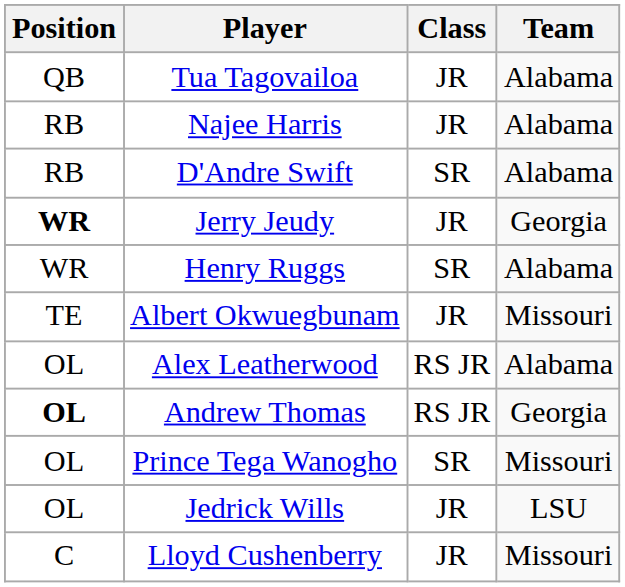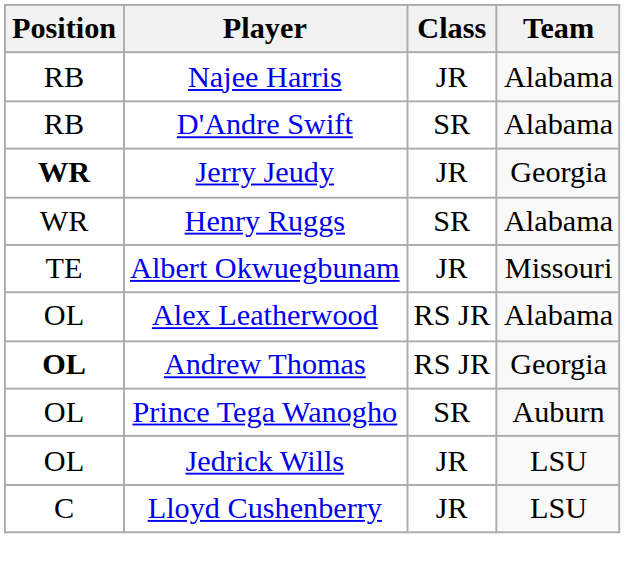 <table class="wikitable sortable">
 <tr>
 <th>Position</th>
 <th>Player</th>
 <th>Class</th>
 <th>Team</th>
-</tr>
-<tr style="text-align:center;">
-<td style="background:white">QB</td>
-<td style="background:white"><a href='#'>Tua Tagovailoa</a></td>
-<td style="background:white">JR</td>
-<td>Alabama</td>
 </tr>
 <tr style="text-align:center;">
 <td style="background:white">RB</td>
 <td style="background:white"><a href='#'>Najee Harris</a></td>
 <td style="background:white">JR</td>
 <td>Alabama</td>
 </tr>
 <tr style="text-align:center;">
 <td style="background:white">RB</td>
 <td style="background:white"><a href='#'>D'Andre Swift</a></td>
 <td style="background:white">SR</td>
 <td>Alabama</td>
 </tr>
 <tr style="text-align:center;">
 <td style="background:white"><strong>WR</strong></td>
 <td style="background:white"><a href='#'>Jerry Jeudy</a></td>
 <td style="background:white">JR</td>
 <td>Georgia</td>
 </tr>
 <tr style="text-align:center;">
 <td style="background:white">WR</td>
 <td style="background:white"><a href='#'>Henry Ruggs</a></td>
 <td style="background:white">SR</td>
 <td>Alabama</td>
 </tr>
 <tr style="text-align:center;">
 <td style="background:white">TE</td>
 <td style="background:white"><a href='#'>Albert Okwuegbunam</a></td>
 <td style="background:white">JR</td>
 <td>Missouri</td>
 </tr>
 <tr style="text-align:center;">
 <td style="background:white">OL</td>
 <td style="background:white"><a href='#'>Alex Leatherwood</a></td>
 <td style="background:white">RS JR</td>
 <td>Alabama</td>
 </tr>
 <tr style="text-align:center;">
 <td style="background:white"><strong>OL</strong></td>
 <td style="background:white"><a href='#'>Andrew Thomas</a></td>
 <td style="background:white">RS JR</td>
 <td>Georgia</td>
 </tr>
 <tr style="text-align:center;">
 <td style="background:white">OL</td>
 <td style="background:white"><a href='#'>Prince Tega Wanogho</a></td>
 <td style="background:white">SR</td>
-<td>Missouri</td>
+<td>Auburn</td>
 </tr>
 <tr style="text-align:center;">
 <td style="background:white">OL</td>
 <td style="background:white"><a href='#'>Jedrick Wills</a></td>
 <td style="background:white">JR</td>
 <td>LSU</td>
 </tr>
 <tr style="text-align:center;">
 <td style="background:white">C</td>
 <td style="background:white"><a href='#'>Lloyd Cushenberry</a></td>
 <td style="background:white">JR</td>
-<td>Missouri</td>
+<td>LSU</td>
 </tr>
 </table>
